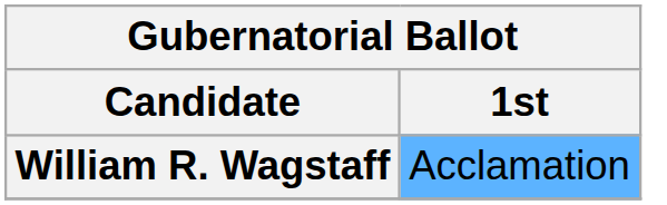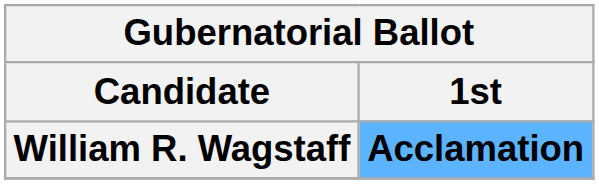 <table class="wikitable sortable" style="text-align:center">
 <tr>
 <th colspan="5"><strong>Gubernatorial Ballot</strong></th>
 </tr>
 <tr>
 <th>Candidate</th>
 <th>1st</th>
 </tr>
 <tr>
 <th>William R. Wagstaff</th>
-<td style="background:#5cb3ff;">Acclamation</td>
+<td style="background:#5cb3ff;"><strong>Acclamation</strong></td>
 </tr>
 <tr>
 </tr>
 </table>
